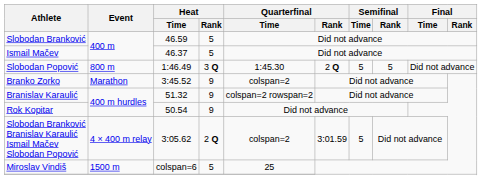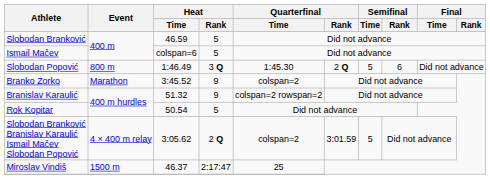 <table class=wikitable style=font-size:90%;text-align:center>
 <tr>
 <th rowspan=2>Athlete</th>
 <th rowspan=2>Event</th>
 <th colspan=2>Heat</th>
 <th colspan=2>Quarterfinal</th>
 <th colspan=2>Semifinal</th>
 <th colspan=2>Final</th>
 </tr>
 <tr style=font-size:95%>
 <th>Time</th>
 <th>Rank</th>
 <th>Time</th>
 <th>Rank</th>
 <th>Time</th>
 <th>Rank</th>
 <th>Time</th>
 <th>Rank</th>
 </tr>
 <tr>
 <td align=left><a href='#'>Slobodan Branković</a></td>
 <td align=left rowspan=2><a href='#'>400 m</a></td>
 <td>46.59</td>
 <td>5</td>
 <td colspan=6>Did not advance</td>
 </tr>
 <tr>
 <td align=left><a href='#'>Ismail Mačev</a></td>
-<td>46.37</td>
+<td>colspan=6</td>
 <td>5</td>
 <td colspan=6>Did not advance</td>
 </tr>
 <tr>
 <td align=left><a href='#'>Slobodan Popović</a></td>
 <td align=left><a href='#'>800 m</a></td>
 <td>1:46.49</td>
 <td>3 <strong>Q</strong></td>
 <td>1:45.30</td>
 <td>2 <strong>Q</strong></td>
 <td>5</td>
-<td>5</td>
+<td>6</td>
 <td colspan=2>Did not advance</td>
 </tr>
 <tr>
 <td align=left><a href='#'>Branko Zorko</a></td>
 <td align=left><a href='#'>Marathon</a></td>
 <td>3:45.52</td>
 <td>9</td>
 <td>colspan=2 </td>
 <td colspan=4>Did not advance</td>
 </tr>
 <tr>
 <td align=left><a href='#'>Branislav Karaulić</a></td>
 <td align=left rowspan=2><a href='#'>400 m hurdles</a></td>
 <td>51.32</td>
 <td>9</td>
 <td>colspan=2 rowspan=2</td>
 <td colspan=4>Did not advance</td>
 </tr>
 <tr>
 <td align=left><a href='#'>Rok Kopitar</a></td>
 <td>50.54</td>
-<td>9</td>
+<td>5</td>
 <td colspan=4>Did not advance</td>
 </tr>
 <tr>
 <td align=left><a href='#'>Slobodan Branković</a><br><a href='#'>Branislav Karaulić</a><br><a href='#'>Ismail Mačev</a><br><a href='#'>Slobodan Popović</a></td>
 <td align=left><a href='#'>4 × 400 m relay</a></td>
 <td>3:05.62</td>
 <td>2 <strong>Q</strong></td>
 <td>colspan=2 </td>
 <td>3:01.59</td>
 <td>5</td>
 <td colspan=2>Did not advance</td>
 </tr>
 <tr>
 <td align=left><a href='#'>Miroslav Vindiš</a></td>
 <td align=left><a href='#'>1500 m</a></td>
-<td>colspan=6</td>
-<td>5</td>
+<td>46.37</td>
+<td>2:17:47</td>
 <td>25</td>
 </tr>
 <tr>
 </tr>
 </table>
